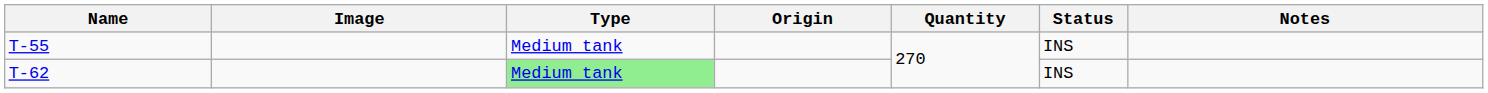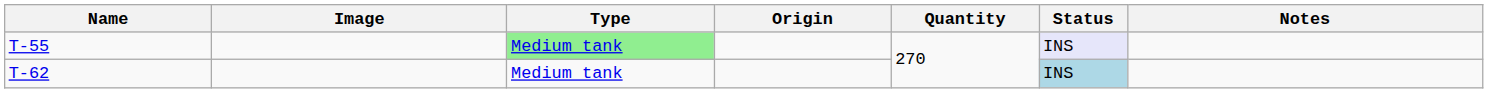 <table class="wikitable" style="width:90%;">
 <tr>
 <th width=14%>Name</th>
 <th width=20%>Image</th>
 <th width=14%>Type</th>
 <th width=12%>Origin</th>
 <th width=10%>Quantity</th>
 <th width=06%>Status</th>
 <th width=24%>Notes</th>
 </tr>
 <tr>
 <td><a href='#'>T-55</a></td>
 <td></td>
-<td><a href='#'>Medium tank</a></td>
+<td style="background: lightgreen;"><a href='#'>Medium tank</a></td>
 <td></td>
 <td rowspan="2">270</td>
-<td>INS</td>
+<td style="background: lavender;">INS</td>
 <td></td>
 </tr>
 <tr>
 <td><a href='#'>T-62</a></td>
 <td></td>
-<td style="background: lightgreen;"><a href='#'>Medium tank</a></td>
+<td><a href='#'>Medium tank</a></td>
 <td></td>
-<td>INS</td>
+<td style="background: lightblue;">INS</td>
 <td></td>
 </tr>
 </table>
